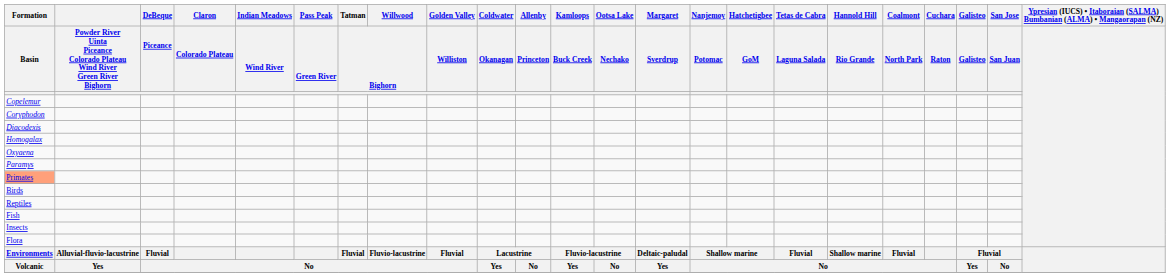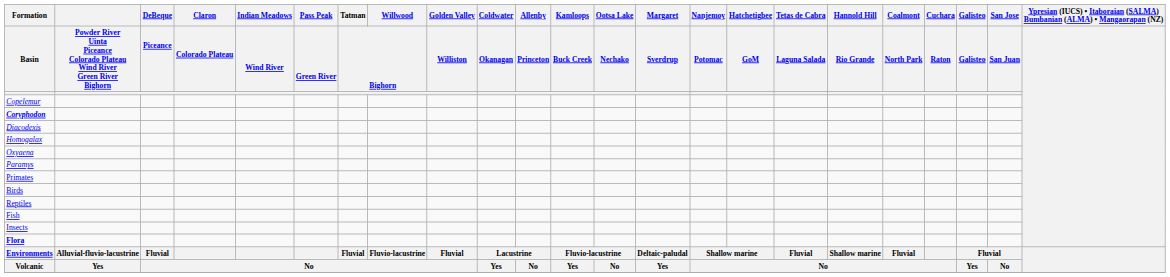 <table class="wikitable" style="font-size: 60%">
 <tr>
 <th>Formation</th>
 <th></th>
 <th><a href='#'>DeBeque</a></th>
 <th><a href='#'>Claron</a></th>
 <th><a href='#'>Indian Meadows</a></th>
 <th><a href='#'>Pass Peak</a></th>
 <th>Tatman</th>
 <th><a href='#'>Willwood</a></th>
 <th><a href='#'>Golden Valley</a></th>
 <th><a href='#'>Coldwater</a></th>
 <th><a href='#'>Allenby</a></th>
 <th><a href='#'>Kamloops</a></th>
 <th><a href='#'>Ootsa Lake</a></th>
 <th><a href='#'>Margaret</a></th>
 <th><a href='#'>Nanjemoy</a></th>
 <th><a href='#'>Hatchetigbee</a></th>
 <th><a href='#'>Tetas de Cabra</a></th>
 <th><a href='#'>Hannold Hill</a></th>
 <th><a href='#'>Coalmont</a></th>
 <th><a href='#'>Cuchara</a></th>
 <th><a href='#'>Galisteo</a></th>
 <th><a href='#'>San Jose</a></th>
 <th><a href='#'>Ypresian</a> (IUCS) • <a href='#'>Itaboraian</a> (<a href='#'>SALMA</a>)<br><a href='#'>Bumbanian</a> (<a href='#'>ALMA</a>) • <a href='#'>Mangaorapan</a> (NZ)</th>
 </tr>
 <tr>
 <th>Basin</th>
 <th><a href='#'>Powder River</a><br><a href='#'>Uinta</a><br><a href='#'>Piceance</a><br><a href='#'>Colorado Plateau</a><br><a href='#'>Wind River</a><br><a href='#'>Green River</a><br><a href='#'>Bighorn</a></th>
 <th><a href='#'>Piceance</a><br><br><br><br></th>
 <th><br><a href='#'>Colorado Plateau</a><br><br><br></th>
 <th><br><br><br><a href='#'>Wind River</a><br><br></th>
 <th><br><br><br><br><a href='#'>Green River</a><br></th>
 <th colspan=2><br><br><br><br><br><br><a href='#'>Bighorn</a></th>
 <th><a href='#'>Williston</a></th>
 <th><a href='#'>Okanagan</a></th>
 <th><a href='#'>Princeton</a></th>
 <th><a href='#'>Buck Creek</a></th>
 <th><a href='#'>Nechako</a></th>
 <th><a href='#'>Sverdrup</a></th>
 <th><a href='#'>Potomac</a></th>
 <th><a href='#'>GoM</a></th>
 <th><a href='#'>Laguna Salada</a></th>
 <th><a href='#'>Rio Grande</a></th>
 <th><a href='#'>North Park</a></th>
 <th><a href='#'>Raton</a></th>
 <th><a href='#'>Galisteo</a></th>
 <th><a href='#'>San Juan</a></th>
 <th align=center rowspan=14></th>
 </tr>
 <tr>
 <th></th>
 <th colspan=8></th>
 <th colspan=5></th>
 <th colspan=2></th>
 <th></th>
 <th colspan=5></th>
 </tr>
 <tr>
 <td><em><a href='#'>Copelemur</a></em></td>
 <td align=center></td>
 <td align=center></td>
 <td align=center></td>
 <td align=center></td>
 <td align=center></td>
 <td align=center></td>
 <td align=center></td>
 <td align=center></td>
 <td align=center></td>
 <td align=center></td>
 <td align=center></td>
 <td align=center></td>
 <td align=center></td>
 <td align=center></td>
 <td align=center></td>
 <td align=center></td>
 <td align=center></td>
 <td align=center></td>
 <td align=center></td>
 <td align=center></td>
 <td align=center></td>
 </tr>
 <tr>
-<td><em><a href='#'>Coryphodon</a></em></td>
+<td><strong><em><a href='#'>Coryphodon</a></em></strong></td>
 <td align=center></td>
 <td align=center></td>
 <td align=center></td>
 <td align=center></td>
 <td align=center></td>
 <td align=center></td>
 <td align=center></td>
 <td align=center></td>
 <td align=center></td>
 <td align=center></td>
 <td align=center></td>
 <td align=center></td>
 <td align=center></td>
 <td align=center></td>
 <td align=center></td>
 <td align=center></td>
 <td align=center></td>
 <td align=center></td>
 <td align=center></td>
 <td align=center></td>
 <td align=center></td>
 </tr>
 <tr>
 <td><em><a href='#'>Diacodexis</a></em></td>
 <td align=center></td>
 <td align=center></td>
 <td align=center></td>
 <td align=center></td>
 <td align=center></td>
 <td align=center></td>
 <td align=center></td>
 <td align=center></td>
 <td align=center></td>
 <td align=center></td>
 <td align=center></td>
 <td align=center></td>
 <td align=center></td>
 <td align=center></td>
 <td align=center></td>
 <td align=center></td>
 <td align=center></td>
 <td align=center></td>
 <td align=center></td>
 <td align=center></td>
 <td align=center></td>
 </tr>
 <tr>
 <td><em><a href='#'>Homogalax</a></em></td>
 <td align=center></td>
 <td align=center></td>
 <td align=center></td>
 <td align=center></td>
 <td align=center></td>
 <td align=center></td>
 <td align=center></td>
 <td align=center></td>
 <td align=center></td>
 <td align=center></td>
 <td align=center></td>
 <td align=center></td>
 <td align=center></td>
 <td align=center></td>
 <td align=center></td>
 <td align=center></td>
 <td align=center></td>
 <td align=center></td>
 <td align=center></td>
 <td align=center></td>
 <td align=center></td>
 </tr>
 <tr>
 <td><em><a href='#'>Oxyaena</a></em></td>
 <td align=center></td>
 <td align=center></td>
 <td align=center></td>
 <td align=center></td>
 <td align=center></td>
 <td align=center></td>
 <td align=center></td>
 <td align=center></td>
 <td align=center></td>
 <td align=center></td>
 <td align=center></td>
 <td align=center></td>
 <td align=center></td>
 <td align=center></td>
 <td align=center></td>
 <td align=center></td>
 <td align=center></td>
 <td align=center></td>
 <td align=center></td>
 <td align=center></td>
 <td align=center></td>
 </tr>
 <tr>
 <td><em><a href='#'>Paramys</a></em></td>
 <td align=center></td>
 <td align=center></td>
 <td align=center></td>
 <td align=center></td>
 <td align=center></td>
 <td align=center></td>
 <td align=center></td>
 <td align=center></td>
 <td align=center></td>
 <td align=center></td>
 <td align=center></td>
 <td align=center></td>
 <td align=center></td>
 <td align=center></td>
 <td align=center></td>
 <td align=center></td>
 <td align=center></td>
 <td align=center></td>
 <td align=center></td>
 <td align=center></td>
 <td align=center></td>
 </tr>
 <tr>
-<td style="background: lightsalmon;"><a href='#'>Primates</a></td>
+<td><a href='#'>Primates</a></td>
 <td align=center></td>
 <td align=center></td>
 <td align=center></td>
 <td align=center></td>
 <td align=center></td>
 <td align=center></td>
 <td align=center></td>
 <td align=center></td>
 <td align=center></td>
 <td align=center></td>
 <td align=center></td>
 <td align=center></td>
 <td align=center></td>
 <td align=center></td>
 <td align=center></td>
 <td align=center></td>
 <td align=center></td>
 <td align=center></td>
 <td align=center></td>
 <td align=center></td>
 <td align=center></td>
 </tr>
 <tr>
 <td><a href='#'>Birds</a></td>
 <td align=center></td>
 <td align=center></td>
 <td align=center></td>
 <td align=center></td>
 <td align=center></td>
 <td align=center></td>
 <td align=center></td>
 <td align=center></td>
 <td align=center></td>
 <td align=center></td>
 <td align=center></td>
 <td align=center></td>
 <td align=center></td>
 <td align=center></td>
 <td align=center></td>
 <td align=center></td>
 <td align=center></td>
 <td align=center></td>
 <td align=center></td>
 <td align=center></td>
 <td align=center></td>
 </tr>
 <tr>
 <td><a href='#'>Reptiles</a></td>
 <td align=center></td>
 <td align=center></td>
 <td align=center></td>
 <td align=center></td>
 <td align=center></td>
 <td align=center></td>
 <td align=center></td>
 <td align=center></td>
 <td align=center></td>
 <td align=center></td>
 <td align=center></td>
 <td align=center></td>
 <td align=center></td>
 <td align=center></td>
 <td align=center></td>
 <td align=center></td>
 <td align=center></td>
 <td align=center></td>
 <td align=center></td>
 <td align=center></td>
 <td align=center></td>
 </tr>
 <tr>
 <td><a href='#'>Fish</a></td>
 <td align=center></td>
 <td align=center></td>
 <td align=center></td>
 <td align=center></td>
 <td align=center></td>
 <td align=center></td>
 <td align=center></td>
 <td align=center></td>
 <td align=center></td>
 <td align=center></td>
 <td align=center></td>
 <td align=center></td>
 <td align=center></td>
 <td align=center></td>
 <td align=center></td>
 <td align=center></td>
 <td align=center></td>
 <td align=center></td>
 <td align=center></td>
 <td align=center></td>
 <td align=center></td>
 </tr>
 <tr>
 <td><a href='#'>Insects</a></td>
 <td align=center></td>
 <td align=center></td>
 <td align=center></td>
 <td align=center></td>
 <td align=center></td>
 <td align=center></td>
 <td align=center></td>
 <td align=center></td>
 <td align=center></td>
 <td align=center></td>
 <td align=center></td>
 <td align=center></td>
 <td align=center></td>
 <td align=center></td>
 <td align=center></td>
 <td align=center></td>
 <td align=center></td>
 <td align=center></td>
 <td align=center></td>
 <td align=center></td>
 <td align=center></td>
 </tr>
 <tr>
-<td><a href='#'>Flora</a></td>
+<td><strong><a href='#'>Flora</a></strong></td>
 <td align=center></td>
 <td align=center></td>
 <td align=center></td>
 <td align=center></td>
 <td align=center></td>
 <td align=center></td>
 <td align=center></td>
 <td align=center></td>
 <td align=center></td>
 <td align=center></td>
 <td align=center></td>
 <td align=center></td>
 <td align=center></td>
 <td align=center></td>
 <td align=center></td>
 <td align=center></td>
 <td align=center></td>
 <td align=center></td>
 <td align=center></td>
 <td align=center></td>
 <td align=center></td>
 </tr>
 <tr>
 <th><a href='#'>Environments</a></th>
 <th>Alluvial-fluvio-lacustrine</th>
 <th>Fluvial</th>
 <th></th>
 <th></th>
 <th></th>
 <th>Fluvial</th>
 <th>Fluvio-lacustrine</th>
 <th>Fluvial</th>
 <th colspan=2>Lacustrine</th>
 <th colspan=2>Fluvio-lacustrine</th>
 <th>Deltaic-paludal</th>
 <th colspan=2>Shallow marine</th>
 <th>Fluvial</th>
 <th>Shallow marine</th>
 <th>Fluvial</th>
 <th></th>
 <th colspan=2>Fluvial</th>
 <th rowspan=2 align=left><br><br></th>
 </tr>
 <tr>
 <th>Volcanic</th>
 <th>Yes</th>
 <th colspan=7>No</th>
 <th>Yes</th>
 <th>No</th>
 <th>Yes</th>
 <th>No</th>
 <th>Yes</th>
 <th colspan=6>No</th>
 <th>Yes</th>
 <th>No</th>
 </tr>
 <tr>
 </tr>
 </table>
